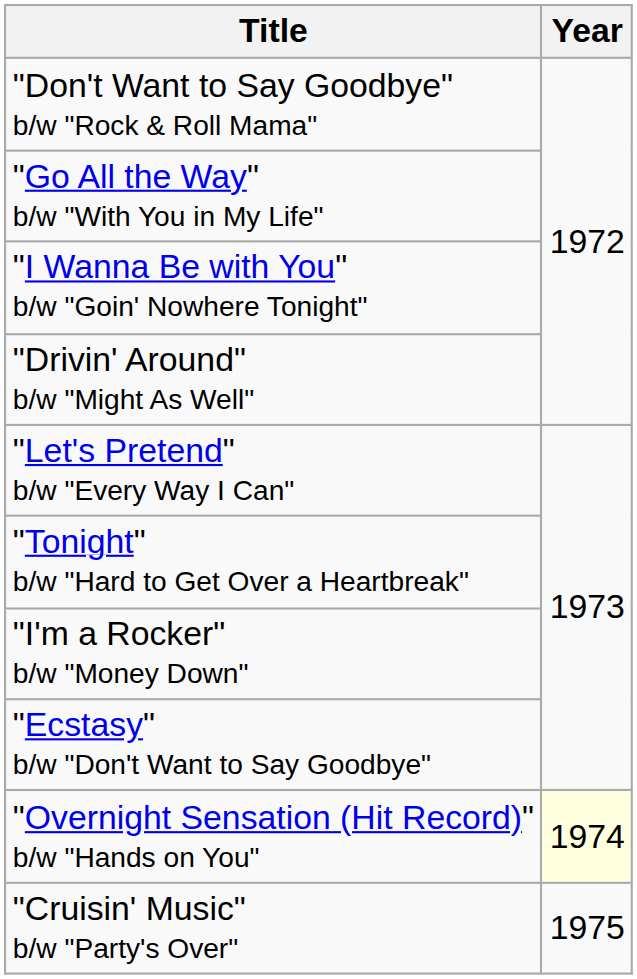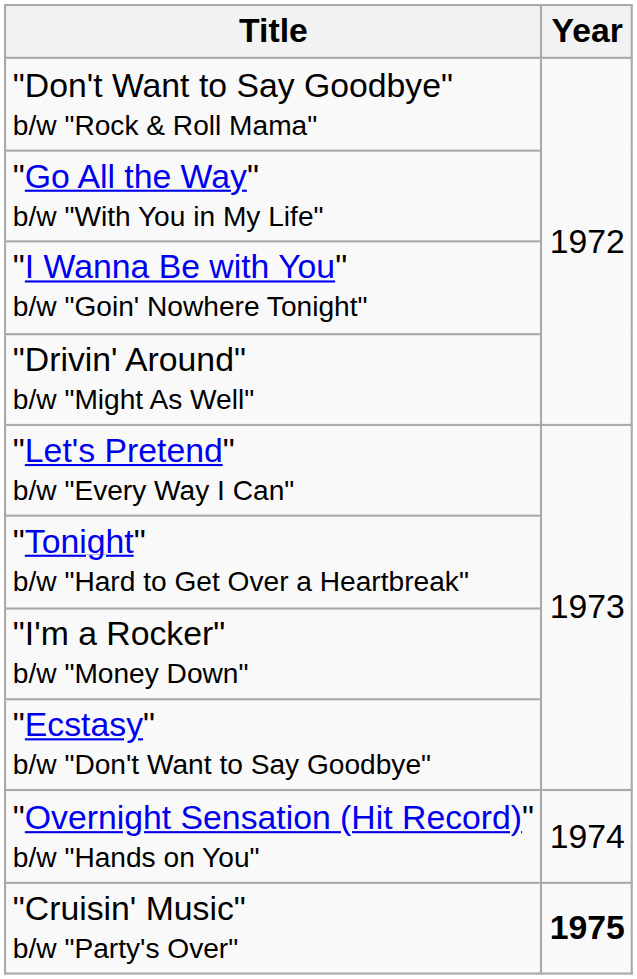 <table class="wikitable">
 <tr>
 <th>Title</th>
 <th>Year</th>
 </tr>
 <tr>
 <td>"Don't Want to Say Goodbye"<br><small>b/w "Rock & Roll Mama"</small></td>
 <td rowspan="4">1972</td>
 </tr>
 <tr>
 <td>"<a href='#'>Go All the Way</a>"<br><small>b/w "With You in My Life"</small></td>
 </tr>
 <tr>
 <td>"<a href='#'>I Wanna Be with You</a>"<br><small>b/w "Goin' Nowhere Tonight"</small></td>
 </tr>
 <tr>
 <td>"Drivin' Around"<br><small>b/w "Might As Well"</small></td>
 </tr>
 <tr>
 <td>"<a href='#'>Let's Pretend</a>"<br><small>b/w "Every Way I Can"</small></td>
 <td rowspan="4">1973</td>
 </tr>
 <tr>
 <td>"<a href='#'>Tonight</a>"<br><small>b/w "Hard to Get Over a Heartbreak"</small></td>
 </tr>
 <tr>
 <td>"I'm a Rocker"<br><small>b/w "Money Down"</small></td>
 </tr>
 <tr>
 <td>"<a href='#'>Ecstasy</a>"<br><small>b/w "Don't Want to Say Goodbye"</small></td>
 </tr>
 <tr>
 <td>"<a href='#'>Overnight Sensation (Hit Record)</a>"<br><small>b/w "Hands on You"</small></td>
-<td style="background: lightyellow;">1974</td>
+<td>1974</td>
 </tr>
 <tr>
 <td>"Cruisin' Music"<br><small>b/w "Party's Over"</small></td>
-<td>1975</td>
+<td><strong>1975</strong></td>
 </tr>
 </table>
